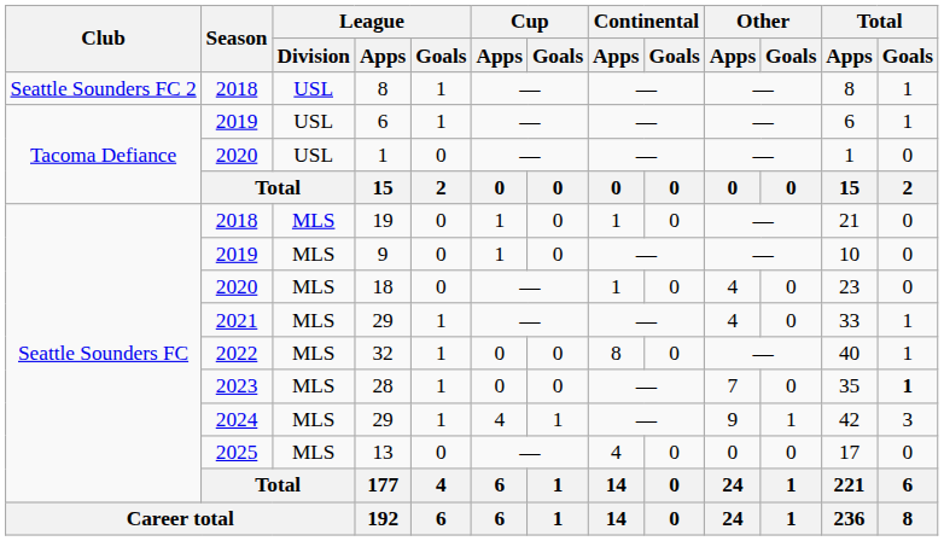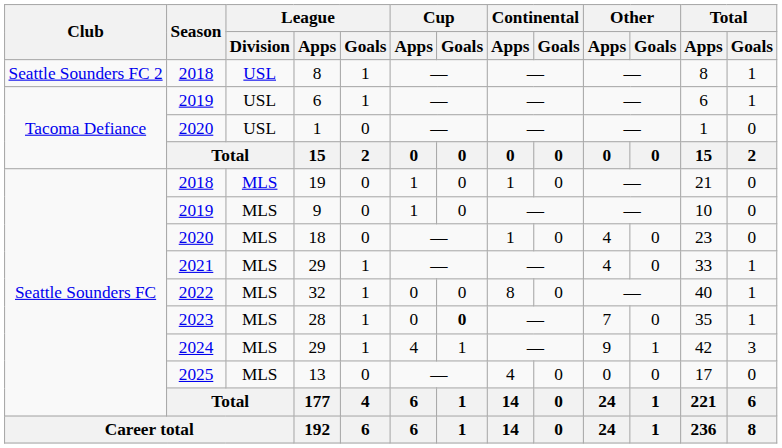 <table class="wikitable" style="text-align:center">
 <tr>
 <th rowspan="2">Club</th>
 <th rowspan="2">Season</th>
 <th colspan="3">League</th>
 <th colspan="2">Cup</th>
 <th colspan="2">Continental</th>
 <th colspan="2">Other</th>
 <th colspan="2">Total</th>
 </tr>
 <tr>
 <th>Division</th>
 <th>Apps</th>
 <th>Goals</th>
 <th>Apps</th>
 <th>Goals</th>
 <th>Apps</th>
 <th>Goals</th>
 <th>Apps</th>
 <th>Goals</th>
 <th>Apps</th>
 <th>Goals</th>
 </tr>
 <tr>
 <td><a href='#'>Seattle Sounders FC 2</a></td>
 <td><a href='#'>2018</a></td>
 <td><a href='#'>USL</a></td>
 <td>8</td>
 <td>1</td>
 <td colspan="2">—</td>
 <td colspan="2">—</td>
 <td colspan="2">—</td>
 <td>8</td>
 <td>1</td>
 </tr>
 <tr>
 <td rowspan="3"><a href='#'>Tacoma Defiance</a></td>
 <td><a href='#'>2019</a></td>
 <td>USL</td>
 <td>6</td>
 <td>1</td>
 <td colspan="2">—</td>
 <td colspan="2">—</td>
 <td colspan="2">—</td>
 <td>6</td>
 <td>1</td>
 </tr>
 <tr>
 <td><a href='#'>2020</a></td>
 <td>USL</td>
 <td>1</td>
 <td>0</td>
 <td colspan="2">—</td>
 <td colspan="2">—</td>
 <td colspan="2">—</td>
 <td>1</td>
 <td>0</td>
 </tr>
 <tr>
 <th colspan="2">Total</th>
 <th>15</th>
 <th>2</th>
 <th>0</th>
 <th>0</th>
 <th>0</th>
 <th>0</th>
 <th>0</th>
 <th>0</th>
 <th>15</th>
 <th>2</th>
 </tr>
 <tr>
 <td rowspan="9"><a href='#'>Seattle Sounders FC</a></td>
 <td><a href='#'>2018</a></td>
 <td><a href='#'>MLS</a></td>
 <td>19</td>
 <td>0</td>
 <td>1</td>
 <td>0</td>
 <td>1</td>
 <td>0</td>
 <td colspan="2">—</td>
 <td>21</td>
 <td>0</td>
 </tr>
 <tr>
 <td><a href='#'>2019</a></td>
 <td>MLS</td>
 <td>9</td>
 <td>0</td>
 <td>1</td>
 <td>0</td>
 <td colspan="2">—</td>
 <td colspan="2">—</td>
 <td>10</td>
 <td>0</td>
 </tr>
 <tr>
 <td><a href='#'>2020</a></td>
 <td>MLS</td>
 <td>18</td>
 <td>0</td>
 <td colspan="2">—</td>
 <td>1</td>
 <td>0</td>
 <td>4</td>
 <td>0</td>
 <td>23</td>
 <td>0</td>
 </tr>
 <tr>
 <td><a href='#'>2021</a></td>
 <td>MLS</td>
 <td>29</td>
 <td>1</td>
 <td colspan="2">—</td>
 <td colspan="2">—</td>
 <td>4</td>
 <td>0</td>
 <td>33</td>
 <td>1</td>
 </tr>
 <tr>
 <td><a href='#'>2022</a></td>
 <td>MLS</td>
 <td>32</td>
 <td>1</td>
 <td>0</td>
 <td>0</td>
 <td>8</td>
 <td>0</td>
 <td colspan="2">—</td>
 <td>40</td>
 <td>1</td>
 </tr>
 <tr>
 <td><a href='#'>2023</a></td>
 <td>MLS</td>
 <td>28</td>
 <td>1</td>
 <td>0</td>
-<td>0</td>
+<td><strong>0</strong></td>
 <td colspan="2">—</td>
 <td>7</td>
 <td>0</td>
 <td>35</td>
-<td><strong>1</strong></td>
+<td>1</td>
 </tr>
 <tr>
 <td><a href='#'>2024</a></td>
 <td>MLS</td>
 <td>29</td>
 <td>1</td>
 <td>4</td>
 <td>1</td>
 <td colspan="2">—</td>
 <td>9</td>
 <td>1</td>
 <td>42</td>
 <td>3</td>
 </tr>
 <tr>
 <td><a href='#'>2025</a></td>
 <td>MLS</td>
 <td>13</td>
 <td>0</td>
 <td colspan="2">—</td>
 <td>4</td>
 <td>0</td>
 <td>0</td>
 <td>0</td>
 <td>17</td>
 <td>0</td>
 </tr>
 <tr>
 <th colspan="2">Total</th>
 <th>177</th>
 <th>4</th>
 <th>6</th>
 <th>1</th>
 <th>14</th>
 <th>0</th>
 <th>24</th>
 <th>1</th>
 <th>221</th>
 <th>6</th>
 </tr>
 <tr>
 <th colspan="3">Career total</th>
 <th>192</th>
 <th>6</th>
 <th>6</th>
 <th>1</th>
 <th>14</th>
 <th>0</th>
 <th>24</th>
 <th>1</th>
 <th>236</th>
 <th>8</th>
 </tr>
 </table>
